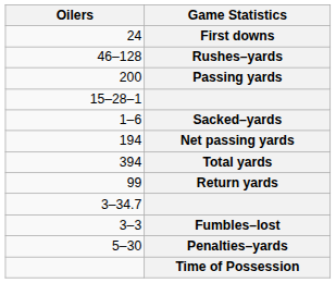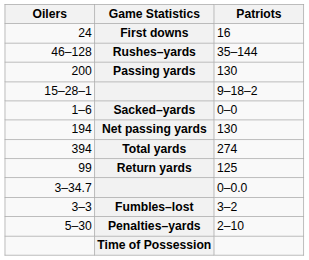 <table class="wikitable" style="margin: 1em auto 1em auto">
 <tr>
 <th style="width:30%;">Oilers</th>
 <th style="width:40%;">Game Statistics</th>
+<th style="width:30%;">Patriots</th>
 </tr>
 <tr>
 <td style="text-align:right;">24</td>
 <th>First downs</th>
+<td>16</td>
 </tr>
 <tr>
 <td style="text-align:right;">46–128</td>
 <th>Rushes–yards</th>
+<td>35–144</td>
 </tr>
 <tr>
 <td style="text-align:right;">200</td>
 <th>Passing yards</th>
+<td>130</td>
 </tr>
 <tr>
 <td style="text-align:right;">15–28–1</td>
 <th></th>
+<td>9–18–2</td>
 </tr>
 <tr>
 <td style="text-align:right;">1–6</td>
 <th>Sacked–yards</th>
+<td>0–0</td>
 </tr>
 <tr>
 <td style="text-align:right;">194</td>
 <th>Net passing yards</th>
+<td>130</td>
 </tr>
 <tr>
 <td style="text-align:right;">394</td>
 <th>Total yards</th>
+<td>274</td>
 </tr>
 <tr>
 <td style="text-align:right;">99</td>
 <th>Return yards</th>
+<td>125</td>
 </tr>
 <tr>
 <td style="text-align:right;">3–34.7</td>
 <th></th>
+<td>0–0.0</td>
 </tr>
 <tr>
 <td style="text-align:right;">3–3</td>
 <th>Fumbles–lost</th>
+<td>3–2</td>
 </tr>
 <tr>
 <td style="text-align:right;">5–30</td>
 <th>Penalties–yards</th>
+<td>2–10</td>
 </tr>
 <tr>
 <td style="text-align:right;"></td>
 <th>Time of Possession</th>
+<td></td>
 </tr>
 </table>
